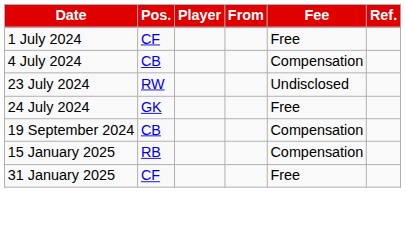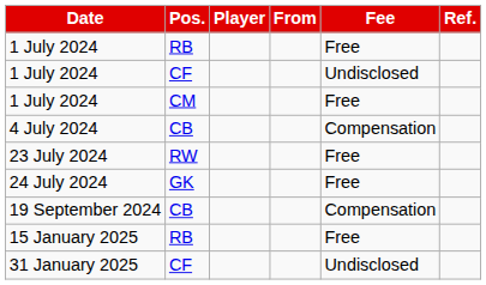 <table class="wikitable plainrowheaders sortable">
 <tr>
 <th style="background:#E00000;color:white;">Date</th>
 <th style="background:#E00000;color:white;">Pos.</th>
 <th style="background:#E00000;color:white;">Player</th>
 <th style="background:#E00000;color:white;">From</th>
 <th style="background:#E00000;color:white;">Fee</th>
 <th style="background:#E00000;color:white;">Ref.</th>
 </tr>
 <tr>
 <td>1 July 2024</td>
+<td><a href='#'>RB</a></td>
+<td></td>
+<td></td>
+<td>Free</td>
+<td></td>
+</tr>
+<tr>
+<td>1 July 2024</td>
 <td><a href='#'>CF</a></td>
+<td></td>
+<td></td>
+<td>Undisclosed</td>
+<td></td>
+</tr>
+<tr>
+<td>1 July 2024</td>
+<td><a href='#'>CM</a></td>
 <td></td>
 <td></td>
 <td>Free</td>
 <td></td>
 </tr>
 <tr>
 <td>4 July 2024</td>
 <td><a href='#'>CB</a></td>
 <td></td>
 <td></td>
 <td>Compensation</td>
 <td></td>
 </tr>
 <tr>
 <td>23 July 2024</td>
 <td><a href='#'>RW</a></td>
 <td></td>
 <td></td>
-<td>Undisclosed</td>
+<td>Free</td>
 <td></td>
 </tr>
 <tr>
 <td>24 July 2024</td>
 <td><a href='#'>GK</a></td>
 <td></td>
 <td></td>
 <td>Free</td>
 <td></td>
 </tr>
 <tr>
 <td>19 September 2024</td>
 <td><a href='#'>CB</a></td>
 <td></td>
 <td></td>
 <td>Compensation</td>
 <td></td>
 </tr>
 <tr>
 <td>15 January 2025</td>
 <td><a href='#'>RB</a></td>
 <td></td>
 <td></td>
-<td>Compensation</td>
+<td>Free</td>
 <td></td>
 </tr>
 <tr>
 <td>31 January 2025</td>
 <td><a href='#'>CF</a></td>
 <td></td>
 <td></td>
-<td>Free</td>
+<td>Undisclosed</td>
 <td></td>
 </tr>
 </table>
